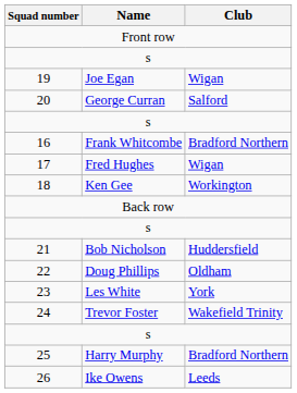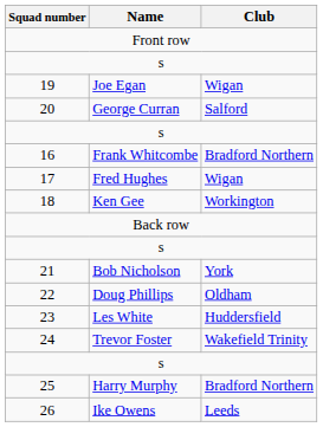 <table class="wikitable">
 <tr>
 <th><small>Squad number</small></th>
 <th>Name</th>
 <th>Club</th>
 </tr>
 <tr>
 <td colspan="3" style="text-align: center;">Front row</td>
 </tr>
 <tr>
 <td colspan="3" style="text-align: center;">s</td>
 </tr>
 <tr>
 <td style="text-align: center;">19</td>
 <td><a href='#'>Joe Egan</a></td>
 <td><a href='#'>Wigan</a></td>
 </tr>
 <tr>
 <td style="text-align: center;">20</td>
 <td><a href='#'>George Curran</a></td>
 <td><a href='#'>Salford</a></td>
 </tr>
 <tr>
 <td colspan="3" style="text-align: center;">s</td>
 </tr>
 <tr>
 <td style="text-align: center;">16</td>
 <td><a href='#'>Frank Whitcombe</a></td>
 <td><a href='#'>Bradford Northern</a></td>
 </tr>
 <tr>
 <td style="text-align: center;">17</td>
 <td><a href='#'>Fred Hughes</a></td>
 <td><a href='#'>Wigan</a></td>
 </tr>
 <tr>
 <td style="text-align: center;">18</td>
 <td><a href='#'>Ken Gee</a></td>
 <td><a href='#'>Workington</a></td>
 </tr>
 <tr>
 <td colspan="3" style="text-align: center;">Back row</td>
 </tr>
 <tr>
 <td colspan="3" style="text-align: center;">s</td>
 </tr>
 <tr>
 <td style="text-align: center;">21</td>
 <td><a href='#'>Bob Nicholson</a></td>
-<td><a href='#'>Huddersfield</a></td>
+<td><a href='#'>York</a></td>
 </tr>
 <tr>
 <td style="text-align: center;">22</td>
 <td><a href='#'>Doug Phillips</a></td>
 <td><a href='#'>Oldham</a></td>
 </tr>
 <tr>
 <td style="text-align: center;">23</td>
 <td><a href='#'>Les White</a></td>
-<td><a href='#'>York</a></td>
+<td><a href='#'>Huddersfield</a></td>
 </tr>
 <tr>
 <td style="text-align: center;">24</td>
 <td><a href='#'>Trevor Foster</a></td>
 <td><a href='#'>Wakefield Trinity</a></td>
 </tr>
 <tr>
 <td colspan="3" style="text-align: center;">s</td>
 </tr>
 <tr>
 <td style="text-align: center;">25</td>
 <td><a href='#'>Harry Murphy</a></td>
 <td><a href='#'>Bradford Northern</a></td>
 </tr>
 <tr>
 <td style="text-align: center;">26</td>
 <td><a href='#'>Ike Owens</a></td>
 <td><a href='#'>Leeds</a></td>
 </tr>
 </table>
